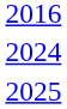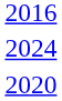 <table>
 <tr>
 <td><a href='#'>2016</a></td>
 <td></td>
 <td></td>
 <td></td>
 </tr>
 <tr>
 <td><a href='#'>2024</a></td>
 <td></td>
 <td></td>
 <td></td>
 </tr>
 <tr>
-<td><a href='#'>2025</a></td>
+<td><a href='#'>2020</a></td>
 <td></td>
 <td></td>
 <td></td>
 </tr>
 </table>
